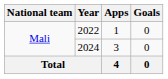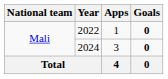 <table class=wikitable style=text-align:center>
 <tr>
 <th>National team</th>
 <th>Year</th>
 <th>Apps</th>
 <th>Goals</th>
 </tr>
 <tr>
 <td rowspan="2"><a href='#'>Mali</a></td>
 <td>2022</td>
 <td>1</td>
-<td>0</td>
+<td><strong>0</strong></td>
 </tr>
 <tr>
 <td>2024</td>
 <td>3</td>
-<td>0</td>
+<td><strong>0</strong></td>
 </tr>
 <tr>
 <th colspan=2>Total</th>
 <th>4</th>
 <th>0</th>
 </tr>
 </table>
